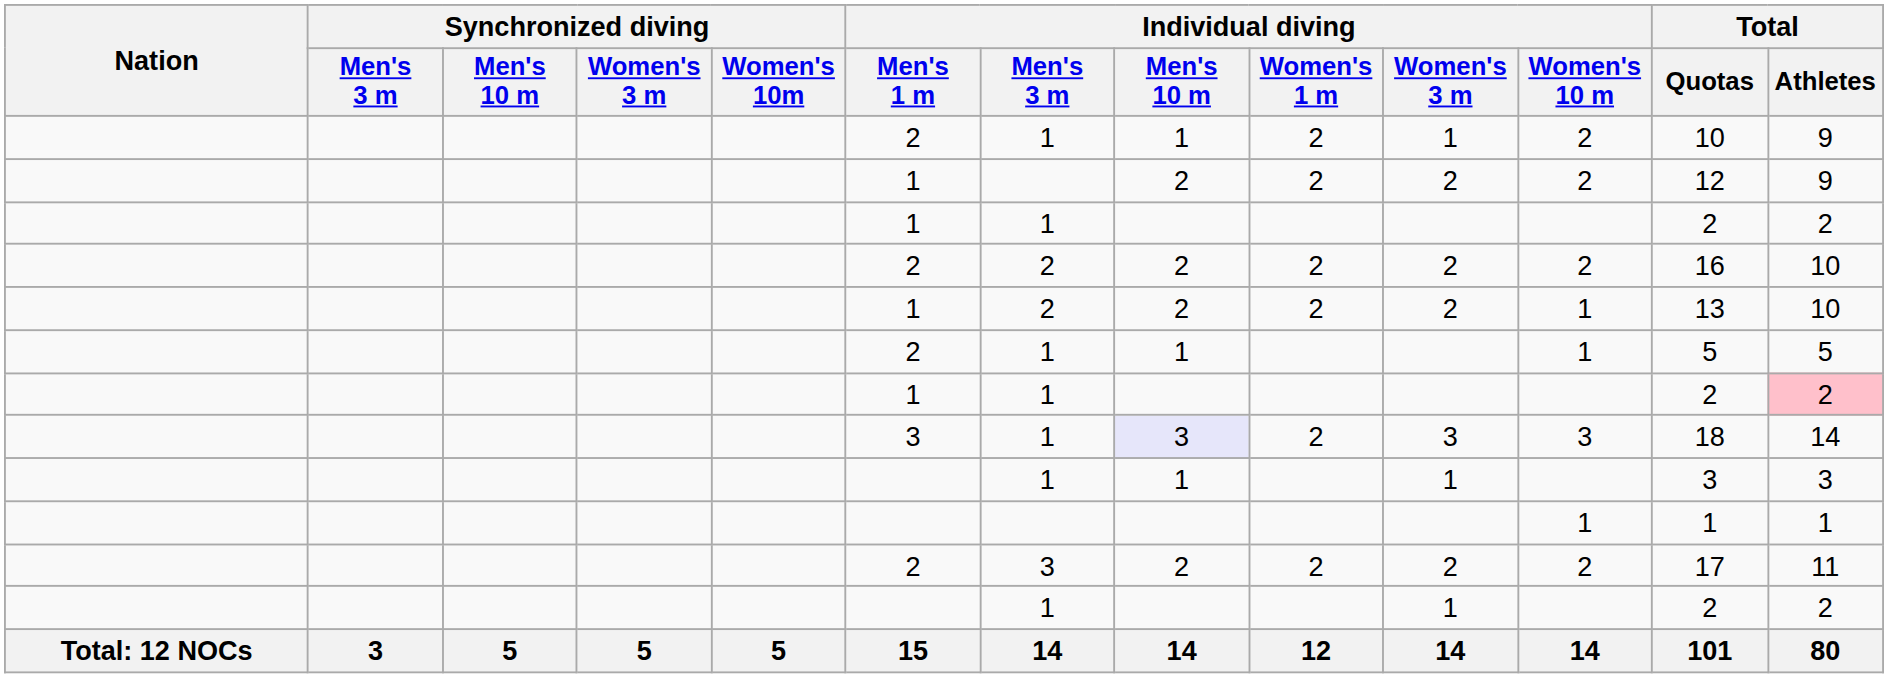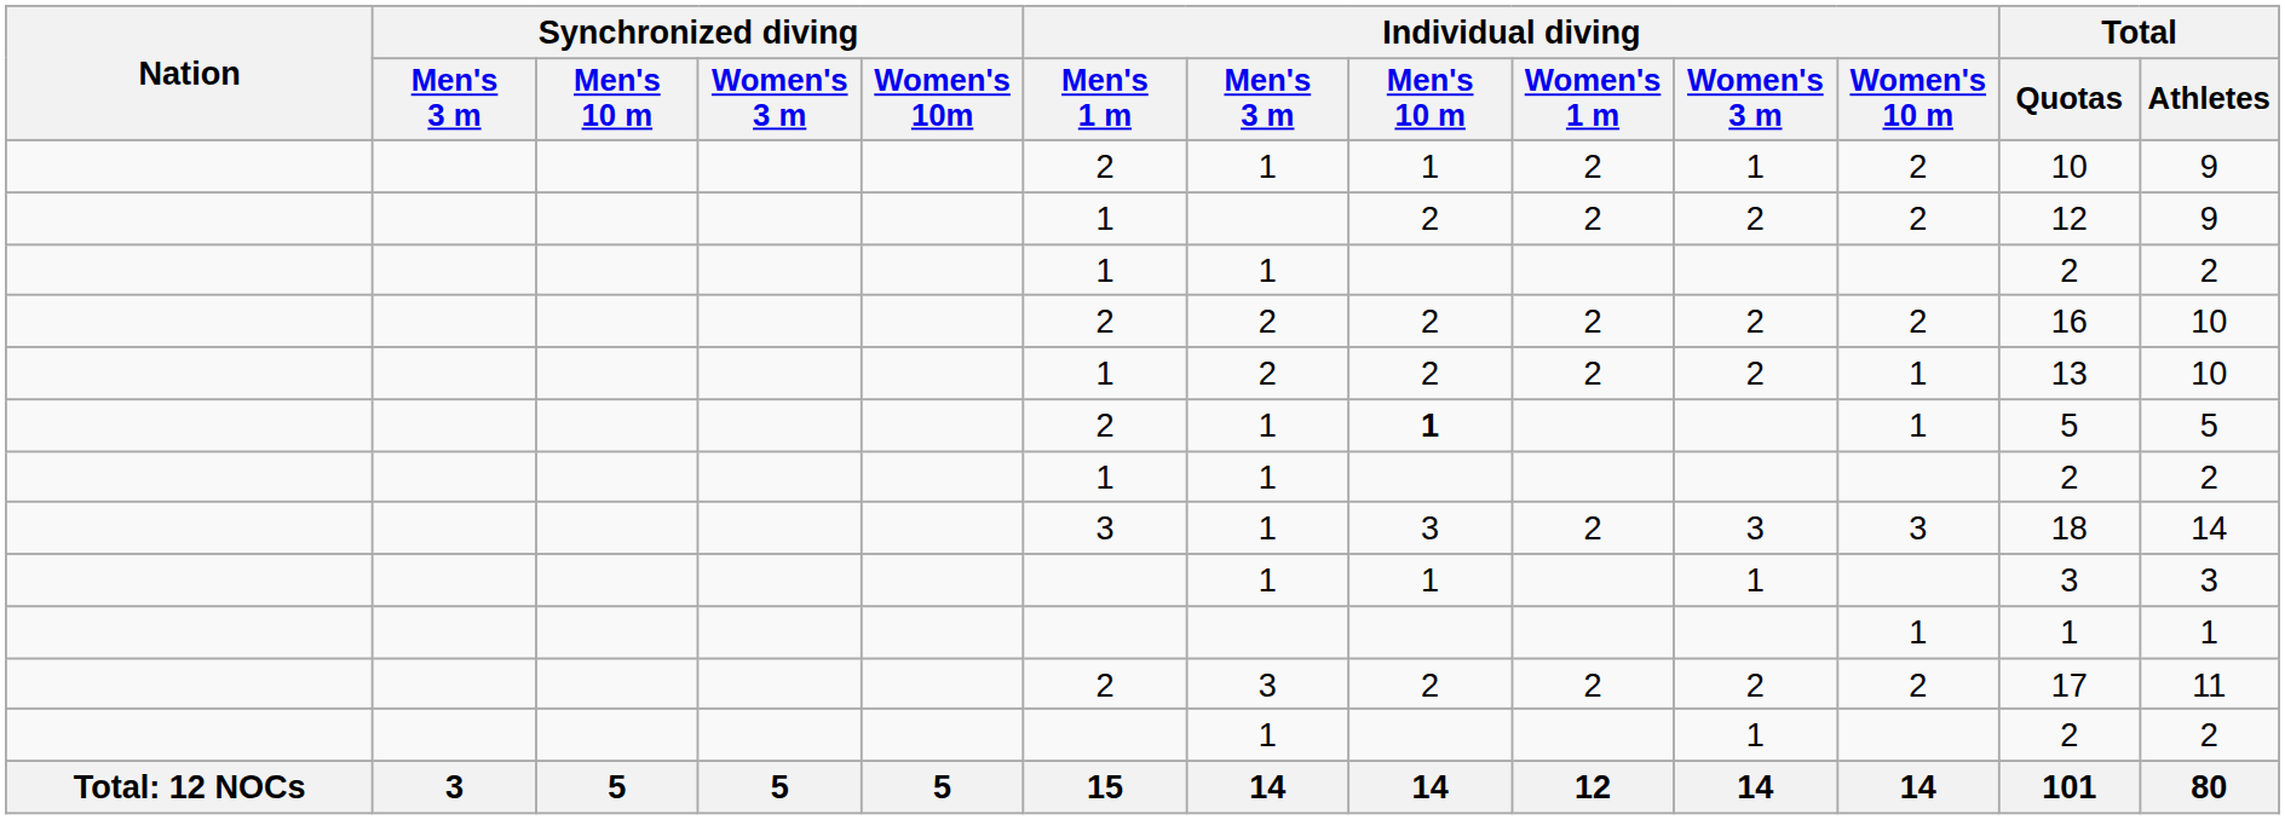 <table class="wikitable" width=1000 style="text-align:center; font-size:90%">
 <tr>
 <th rowspan="2" style="text-align:center;">Nation</th>
 <th colspan="4">Synchronized diving</th>
 <th colspan="6">Individual diving</th>
 <th colspan="2">Total</th>
 </tr>
 <tr style="font-size:95%">
 <th width=65><a href='#'>Men's<br>3 m</a></th>
 <th width=65><a href='#'>Men's<br>10 m</a></th>
 <th width=65><a href='#'>Women's<br>3 m</a></th>
 <th width=65><a href='#'>Women's<br>10m</a></th>
 <th width=65><a href='#'>Men's<br>1 m</a></th>
 <th width=65><a href='#'>Men's<br>3 m</a></th>
 <th width=65><a href='#'>Men's<br>10 m</a></th>
 <th width=65><a href='#'>Women's<br>1 m</a></th>
 <th width=65><a href='#'>Women's<br>3 m</a></th>
 <th width=65><a href='#'>Women's<br>10 m</a></th>
 <th width=55>Quotas</th>
 <th width=55>Athletes</th>
 </tr>
 <tr>
 <td></td>
 <td></td>
 <td></td>
 <td></td>
 <td></td>
 <td>2</td>
 <td>1</td>
 <td>1</td>
 <td>2</td>
 <td>1</td>
 <td>2</td>
 <td>10</td>
 <td>9</td>
 </tr>
 <tr>
 <td></td>
 <td></td>
 <td></td>
 <td></td>
 <td></td>
 <td>1</td>
 <td></td>
 <td>2</td>
 <td>2</td>
 <td>2</td>
 <td>2</td>
 <td>12</td>
 <td>9</td>
 </tr>
 <tr>
 <td></td>
 <td></td>
 <td></td>
 <td></td>
 <td></td>
 <td>1</td>
 <td>1</td>
 <td></td>
 <td></td>
 <td></td>
 <td></td>
 <td>2</td>
 <td>2</td>
 </tr>
 <tr>
 <td></td>
 <td></td>
 <td></td>
 <td></td>
 <td></td>
 <td>2</td>
 <td>2</td>
 <td>2</td>
 <td>2</td>
 <td>2</td>
 <td>2</td>
 <td>16</td>
 <td>10</td>
 </tr>
 <tr>
 <td></td>
 <td></td>
 <td></td>
 <td></td>
 <td></td>
 <td>1</td>
 <td>2</td>
 <td>2</td>
 <td>2</td>
 <td>2</td>
 <td>1</td>
 <td>13</td>
 <td>10</td>
 </tr>
 <tr>
 <td></td>
 <td></td>
 <td></td>
 <td></td>
 <td></td>
 <td>2</td>
 <td>1</td>
-<td>1</td>
+<td><strong>1</strong></td>
 <td></td>
 <td></td>
 <td>1</td>
 <td>5</td>
 <td>5</td>
 </tr>
 <tr>
 <td></td>
 <td></td>
 <td></td>
 <td></td>
 <td></td>
 <td>1</td>
 <td>1</td>
 <td></td>
 <td></td>
 <td></td>
 <td></td>
 <td>2</td>
-<td style="background: pink;">2</td>
+<td>2</td>
 </tr>
 <tr>
 <td></td>
 <td></td>
 <td></td>
 <td></td>
 <td></td>
 <td>3</td>
 <td>1</td>
-<td style="background: lavender;">3</td>
+<td>3</td>
 <td>2</td>
 <td>3</td>
 <td>3</td>
 <td>18</td>
 <td>14</td>
 </tr>
 <tr>
 <td></td>
 <td></td>
 <td></td>
 <td></td>
 <td></td>
 <td></td>
 <td>1</td>
 <td>1</td>
 <td></td>
 <td>1</td>
 <td></td>
 <td>3</td>
 <td>3</td>
 </tr>
 <tr>
 <td></td>
 <td></td>
 <td></td>
 <td></td>
 <td></td>
 <td></td>
 <td></td>
 <td></td>
 <td></td>
 <td></td>
 <td>1</td>
 <td>1</td>
 <td>1</td>
 </tr>
 <tr>
 <td></td>
 <td></td>
 <td></td>
 <td></td>
 <td></td>
 <td>2</td>
 <td>3</td>
 <td>2</td>
 <td>2</td>
 <td>2</td>
 <td>2</td>
 <td>17</td>
 <td>11</td>
 </tr>
 <tr>
 <td></td>
 <td></td>
 <td></td>
 <td></td>
 <td></td>
 <td></td>
 <td>1</td>
 <td></td>
 <td></td>
 <td>1</td>
 <td></td>
 <td>2</td>
 <td>2</td>
 </tr>
 <tr>
 <th>Total: 12 NOCs</th>
 <th>3</th>
 <th>5</th>
 <th>5</th>
 <th>5</th>
 <th>15</th>
 <th>14</th>
 <th>14</th>
 <th>12</th>
 <th>14</th>
 <th>14</th>
 <th>101</th>
 <th>80</th>
 </tr>
 </table>
